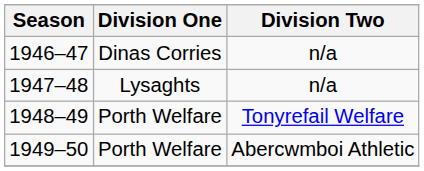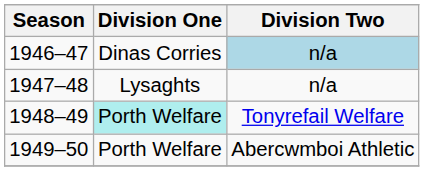 <table class="wikitable" style="text-align: center">
 <tr>
 </tr>
 <tr>
 <th>Season</th>
 <th>Division One</th>
 <th>Division Two</th>
 </tr>
 <tr>
 <td>1946–47</td>
 <td>Dinas Corries</td>
-<td>n/a</td>
+<td style="background: lightblue;">n/a</td>
 </tr>
 <tr>
 <td>1947–48</td>
 <td>Lysaghts</td>
 <td>n/a</td>
 </tr>
 <tr>
 <td>1948–49</td>
-<td>Porth Welfare</td>
+<td style="background: paleturquoise;">Porth Welfare</td>
 <td><a href='#'>Tonyrefail Welfare</a></td>
 </tr>
 <tr>
 <td>1949–50</td>
 <td>Porth Welfare</td>
 <td>Abercwmboi Athletic</td>
 </tr>
 <tr>
 </tr>
 </table>
